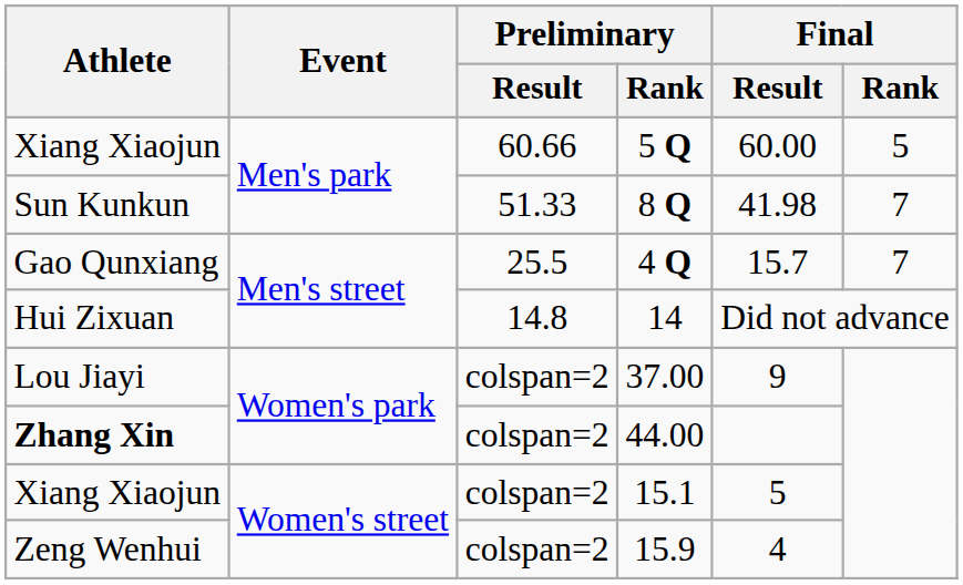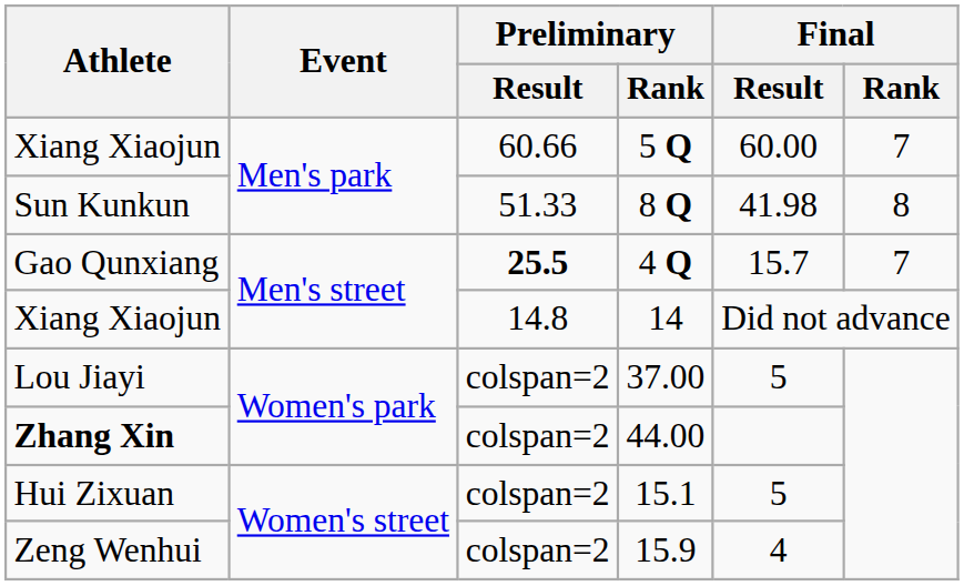 <table class=wikitable style=font-size:90%;text-align:center>
 <tr>
 <th rowspan=2>Athlete</th>
 <th rowspan=2>Event</th>
 <th colspan=2>Preliminary</th>
 <th colspan=2>Final</th>
 </tr>
 <tr style="font-size:95%">
 <th>Result</th>
 <th>Rank</th>
 <th>Result</th>
 <th>Rank</th>
 </tr>
 <tr>
 <td align=left>Xiang Xiaojun</td>
 <td align=left rowspan=2><a href='#'>Men's park</a></td>
 <td>60.66</td>
 <td>5 <strong>Q</strong></td>
 <td>60.00</td>
-<td>5</td>
+<td>7</td>
 </tr>
 <tr>
 <td align=left>Sun Kunkun</td>
 <td>51.33</td>
 <td>8 <strong>Q</strong></td>
 <td>41.98</td>
-<td>7</td>
+<td>8</td>
 </tr>
 <tr>
 <td align=left>Gao Qunxiang</td>
 <td align=left rowspan=2><a href='#'>Men's street</a></td>
-<td>25.5</td>
+<td><strong>25.5</strong></td>
 <td>4 <strong>Q</strong></td>
 <td>15.7</td>
 <td>7</td>
 </tr>
 <tr>
-<td align=left>Hui Zixuan</td>
+<td align=left>Xiang Xiaojun</td>
 <td>14.8</td>
 <td>14</td>
 <td colspan=2>Did not advance</td>
 </tr>
 <tr>
 <td align=left>Lou Jiayi</td>
 <td align=left rowspan=2><a href='#'>Women's park</a></td>
 <td>colspan=2 </td>
 <td>37.00</td>
-<td>9</td>
+<td>5</td>
 </tr>
 <tr>
 <td align=left><strong>Zhang Xin</strong></td>
 <td>colspan=2 </td>
 <td>44.00</td>
 <td></td>
 </tr>
 <tr>
-<td align=left>Xiang Xiaojun</td>
+<td align=left>Hui Zixuan</td>
 <td align=left rowspan=2><a href='#'>Women's street</a></td>
 <td>colspan=2 </td>
 <td>15.1</td>
 <td>5</td>
 </tr>
 <tr>
 <td align=left>Zeng Wenhui</td>
 <td>colspan=2 </td>
 <td>15.9</td>
 <td>4</td>
 </tr>
 </table>
